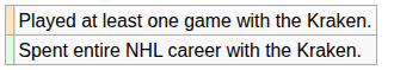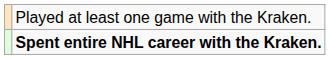 <table class="wikitable" style="font-size:95%">
 <tr>
 <th scope="row" style="background:#FFE6BD"></th>
 <td>Played at least one game with the Kraken.</td>
 </tr>
 <tr>
 <th scope="row" style="background:#DDFFDD"></th>
-<td>Spent entire NHL career with the Kraken.</td>
+<td><strong>Spent entire NHL career with the Kraken.</strong></td>
 </tr>
 </table>
